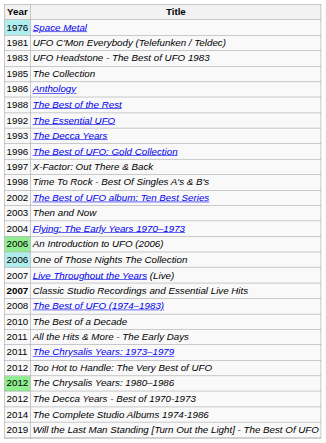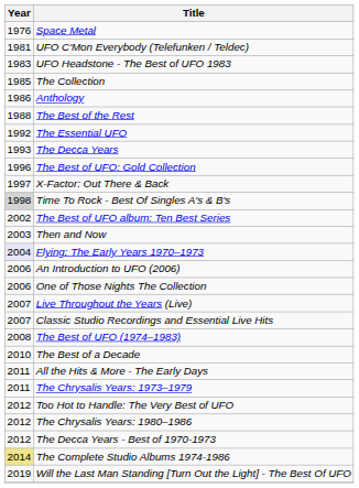 <table class="wikitable">
 <tr>
 <th rowspan="1">Year</th>
 <th rowspan="1">Title</th>
 </tr>
 <tr>
-<td style="background: paleturquoise;">1976</td>
+<td>1976</td>
 <td><em><a href='#'>Space Metal</a></em></td>
 </tr>
 <tr>
 <td>1981</td>
 <td><em>UFO C'Mon Everybody (Telefunken / Teldec) </em></td>
 </tr>
 <tr>
 <td>1983</td>
 <td><em>UFO Headstone - The Best of UFO 1983</em></td>
 </tr>
 <tr>
 <td>1985</td>
 <td><em>The Collection</em></td>
 </tr>
 <tr>
 <td>1986</td>
 <td><em><a href='#'>Anthology</a></em></td>
 </tr>
 <tr>
 <td>1988</td>
 <td><em><a href='#'>The Best of the Rest</a></em></td>
 </tr>
 <tr>
 <td>1992</td>
 <td><em><a href='#'>The Essential UFO</a></em></td>
 </tr>
 <tr>
 <td>1993</td>
 <td><em><a href='#'>The Decca Years</a></em></td>
 </tr>
 <tr>
 <td>1996</td>
 <td><em><a href='#'>The Best of UFO: Gold Collection</a></em></td>
 </tr>
 <tr>
 <td>1997</td>
 <td><em>X-Factor: Out There & Back</em></td>
 </tr>
 <tr>
-<td>1998</td>
+<td style="background: lightgrey;">1998</td>
 <td><em>Time To Rock - Best Of Singles A's & B's</em></td>
 </tr>
 <tr>
 <td>2002</td>
 <td><em><a href='#'>The Best of UFO album: Ten Best Series</a></em></td>
 </tr>
 <tr>
 <td>2003</td>
 <td><em>Then and Now</em></td>
 </tr>
 <tr>
-<td>2004</td>
+<td style="background: lavender;">2004</td>
 <td><em><a href='#'>Flying: The Early Years 1970–1973</a></em></td>
 </tr>
 <tr>
-<td style="background: lightgreen;">2006</td>
+<td>2006</td>
 <td><em>An Introduction to UFO (2006)</em></td>
 </tr>
 <tr>
-<td style="background: paleturquoise;">2006</td>
+<td>2006</td>
 <td><em>One of Those Nights The Collection</em></td>
 </tr>
 <tr>
 <td>2007</td>
 <td><em><a href='#'>Live Throughout the Years</a> (Live)</em></td>
 </tr>
 <tr>
-<td><strong>2007</strong></td>
+<td>2007</td>
 <td><em>Classic Studio Recordings and Essential Live Hits</em></td>
 </tr>
 <tr>
 <td>2008</td>
 <td><em><a href='#'>The Best of UFO (1974–1983)</a></em></td>
 </tr>
 <tr>
 <td>2010</td>
 <td><em>The Best of a Decade</em></td>
 </tr>
 <tr>
 <td>2011</td>
 <td><em>All the Hits & More - The Early Days</em></td>
 </tr>
 <tr>
 <td>2011</td>
 <td><em><a href='#'>The Chrysalis Years: 1973–1979</a></em></td>
 </tr>
 <tr>
 <td>2012</td>
 <td><em>Too Hot to Handle: The Very Best of UFO</em></td>
 </tr>
 <tr>
-<td style="background: lightgreen;">2012</td>
+<td>2012</td>
 <td><em>The Chrysalis Years: 1980–1986</em></td>
 </tr>
 <tr>
 <td>2012</td>
 <td><em>The Decca Years - Best of 1970-1973</em></td>
 </tr>
 <tr>
-<td>2014</td>
+<td style="background: khaki;">2014</td>
 <td><em>The Complete Studio Albums 1974-1986</em></td>
 </tr>
 <tr>
 <td>2019</td>
 <td><em>Will the Last Man Standing [Turn Out the Light] - The Best Of UFO</em></td>
 </tr>
 <tr "—" denotes a release that did not chart.>
 </tr>
 </table>
